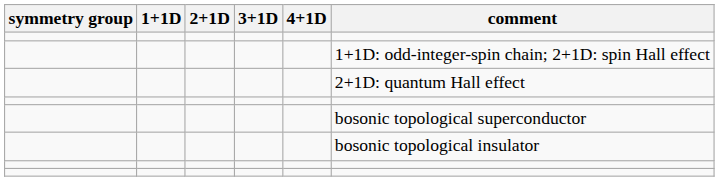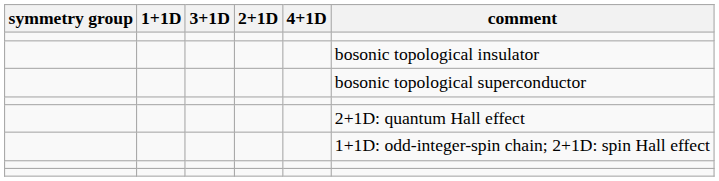 <table class="wikitable">
 <tr>
 <th>symmetry group</th>
 <th>1+1D</th>
+<th>3+1D</th>
 <th>2+1D</th>
-<th>3+1D</th>
 <th>4+1D</th>
 <th>comment</th>
 </tr>
 <tr>
 <td></td>
 <td></td>
 <td></td>
 <td></td>
 <td></td>
 <td></td>
 </tr>
 <tr>
 <td></td>
 <td></td>
 <td></td>
 <td></td>
 <td></td>
-<td>1+1D: odd-integer-spin chain; 2+1D: spin Hall effect</td>
+<td>bosonic topological insulator</td>
+</tr>
+<tr>
+<td></td>
+<td></td>
+<td></td>
+<td></td>
+<td></td>
+<td>bosonic topological superconductor</td>
+</tr>
+<tr>
+<td></td>
+<td></td>
+<td></td>
+<td></td>
+<td></td>
+<td></td>
 </tr>
 <tr>
 <td></td>
 <td></td>
 <td></td>
 <td></td>
 <td></td>
 <td>2+1D: quantum Hall effect</td>
 </tr>
 <tr>
 <td></td>
 <td></td>
 <td></td>
 <td></td>
 <td></td>
-<td></td>
-</tr>
-<tr>
-<td></td>
-<td></td>
-<td></td>
-<td></td>
-<td></td>
-<td>bosonic topological superconductor</td>
-</tr>
-<tr>
-<td></td>
-<td></td>
-<td></td>
-<td></td>
-<td></td>
-<td>bosonic topological insulator</td>
+<td>1+1D: odd-integer-spin chain; 2+1D: spin Hall effect</td>
 </tr>
 <tr>
 <td></td>
 <td></td>
 <td></td>
 <td></td>
 <td></td>
 <td></td>
 </tr>
 <tr>
 <td></td>
 <td></td>
 <td></td>
 <td></td>
 <td></td>
 <td></td>
 </tr>
 </table>
